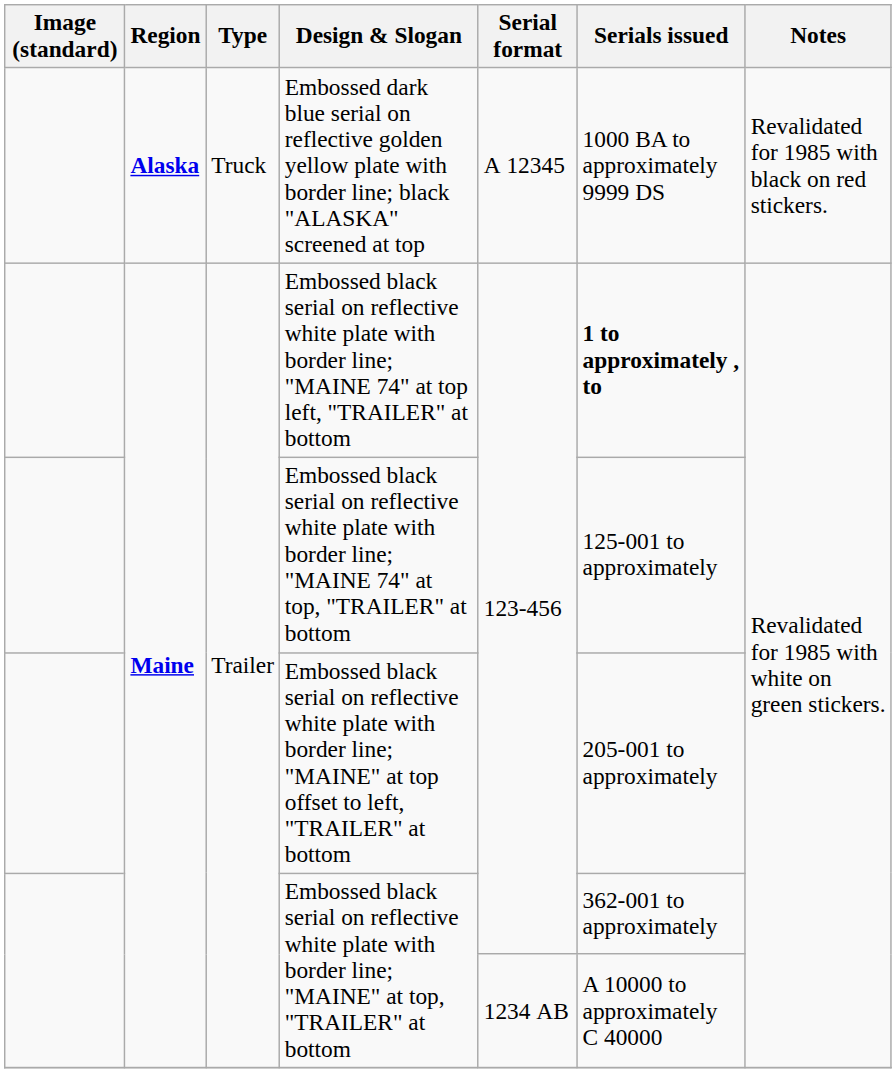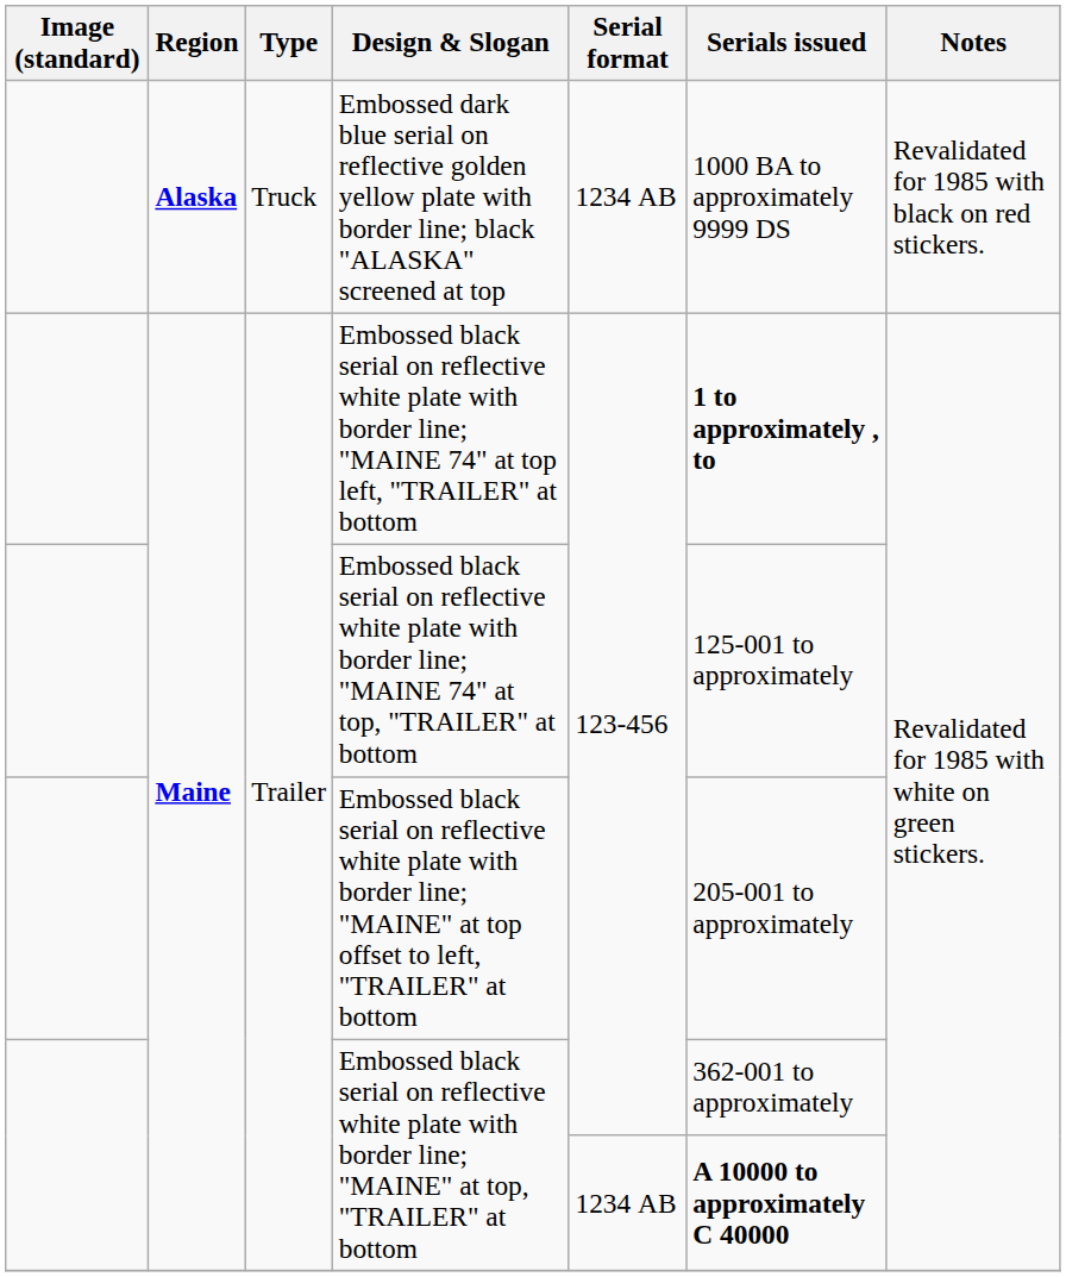 <table class="wikitable">
 <tr>
 <th>Image (standard)</th>
 <th>Region</th>
 <th>Type</th>
 <th>Design & Slogan</th>
 <th>Serial format</th>
 <th>Serials issued</th>
 <th>Notes</th>
 </tr>
 <tr>
 <td></td>
 <td><a href='#'><strong>Alaska</strong></a></td>
 <td>Truck</td>
 <td>Embossed dark blue serial on reflective golden yellow plate with border line; black "ALASKA" screened at top</td>
-<td>A 12345</td>
+<td>1234 AB</td>
 <td>1000 BA to approximately 9999 DS</td>
 <td>Revalidated for 1985 with black on red stickers.</td>
 </tr>
 <tr>
 <td></td>
 <td rowspan="5"><a href='#'><strong>Maine</strong></a></td>
 <td rowspan="5">Trailer</td>
 <td>Embossed black serial on reflective white plate with border line; "MAINE 74" at top left, "TRAILER" at bottom</td>
 <td rowspan="4">123-456</td>
 <td><strong>1 to approximately ,  to </strong></td>
 <td rowspan="5">Revalidated for 1985 with white on green stickers.</td>
 </tr>
 <tr>
 <td></td>
 <td>Embossed black serial on reflective white plate with border line; "MAINE 74" at top, "TRAILER" at bottom</td>
 <td>125-001 to approximately </td>
 </tr>
 <tr>
 <td></td>
 <td>Embossed black serial on reflective white plate with border line; "MAINE" at top offset to left, "TRAILER" at bottom</td>
 <td>205-001 to approximately </td>
 </tr>
 <tr>
 <td rowspan="2"></td>
 <td rowspan="2">Embossed black serial on reflective white plate with border line; "MAINE" at top, "TRAILER" at bottom</td>
 <td>362-001 to approximately </td>
 </tr>
 <tr>
 <td>1234 AB</td>
-<td>A 10000 to approximately C 40000</td>
+<td><strong>A 10000 to approximately C 40000</strong></td>
 </tr>
 <tr>
 </tr>
 </table>
